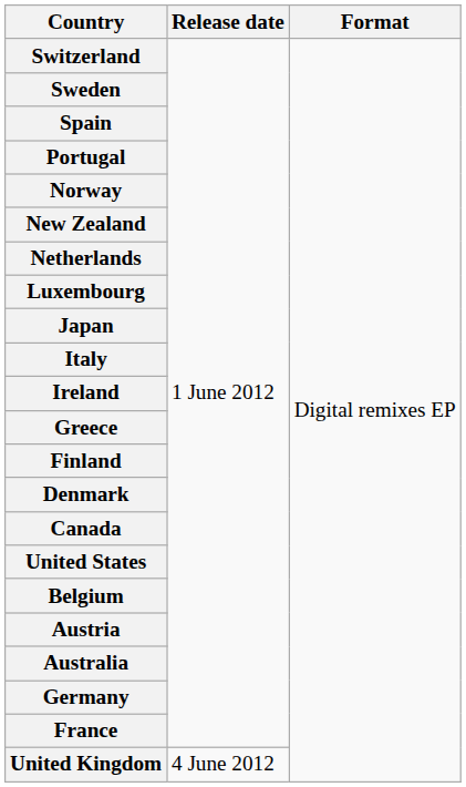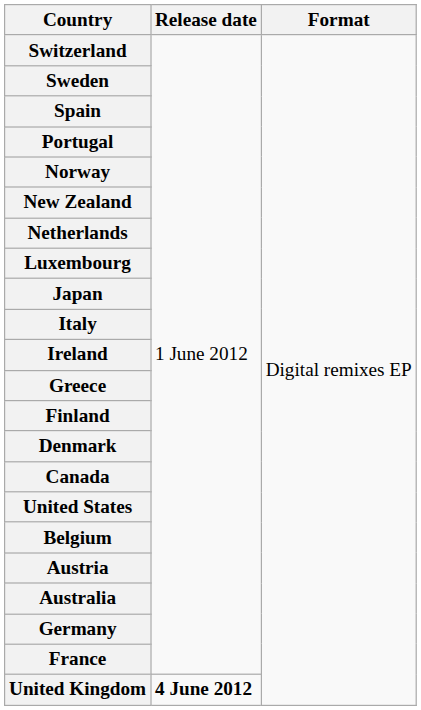 <table class="wikitable plainrowheaders">
 <tr>
 <th scope="col">Country</th>
 <th scope="col">Release date</th>
 <th scope="col">Format</th>
 </tr>
 <tr>
 <th scope="row">Switzerland</th>
 <td rowspan="21">1 June 2012</td>
 <td rowspan="22">Digital remixes EP</td>
 </tr>
 <tr>
 <th scope="row">Sweden</th>
 </tr>
 <tr>
 <th scope="row">Spain</th>
 </tr>
 <tr>
 <th scope="row">Portugal</th>
 </tr>
 <tr>
 <th scope="row">Norway</th>
 </tr>
 <tr>
 <th scope="row">New Zealand</th>
 </tr>
 <tr>
 <th scope="row">Netherlands</th>
 </tr>
 <tr>
 <th scope="row">Luxembourg</th>
 </tr>
 <tr>
 <th scope="row">Japan</th>
 </tr>
 <tr>
 <th scope="row">Italy</th>
 </tr>
 <tr>
 <th scope="row">Ireland</th>
 </tr>
 <tr>
 <th scope="row">Greece</th>
 </tr>
 <tr>
 <th scope="row">Finland</th>
 </tr>
 <tr>
 <th scope="row">Denmark</th>
 </tr>
 <tr>
 <th scope="row">Canada</th>
 </tr>
 <tr>
 <th scope="row">United States</th>
 </tr>
 <tr>
 <th scope="row">Belgium</th>
 </tr>
 <tr>
 <th scope="row">Austria</th>
 </tr>
 <tr>
 <th scope="row">Australia</th>
 </tr>
 <tr>
 <th scope="row">Germany</th>
 </tr>
 <tr>
 <th scope="row">France</th>
 </tr>
 <tr>
 <th scope="row">United Kingdom</th>
-<td>4 June 2012</td>
+<td><strong>4 June 2012</strong></td>
 </tr>
 </table>
